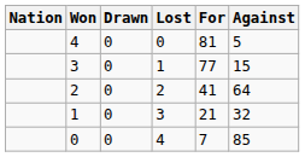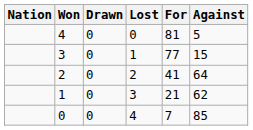 <table class="wikitable">
 <tr>
 <th>Nation</th>
 <th>Won</th>
 <th>Drawn</th>
 <th>Lost</th>
 <th>For</th>
 <th>Against</th>
 </tr>
 <tr>
 <td></td>
 <td>4</td>
 <td>0</td>
 <td>0</td>
 <td>81</td>
 <td>5</td>
 </tr>
 <tr>
 <td></td>
 <td>3</td>
 <td>0</td>
 <td>1</td>
 <td>77</td>
 <td>15</td>
 </tr>
 <tr>
 <td></td>
 <td>2</td>
 <td>0</td>
 <td>2</td>
 <td>41</td>
 <td>64</td>
 </tr>
 <tr>
 <td></td>
 <td>1</td>
 <td>0</td>
 <td>3</td>
 <td>21</td>
-<td>32</td>
+<td>62</td>
 </tr>
 <tr>
 <td></td>
 <td>0</td>
 <td>0</td>
 <td>4</td>
 <td>7</td>
 <td>85</td>
 </tr>
 </table>
